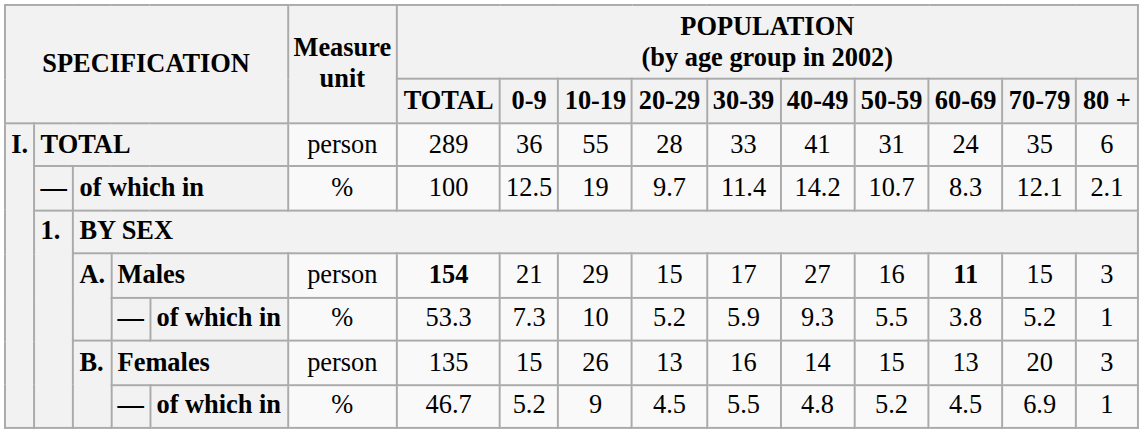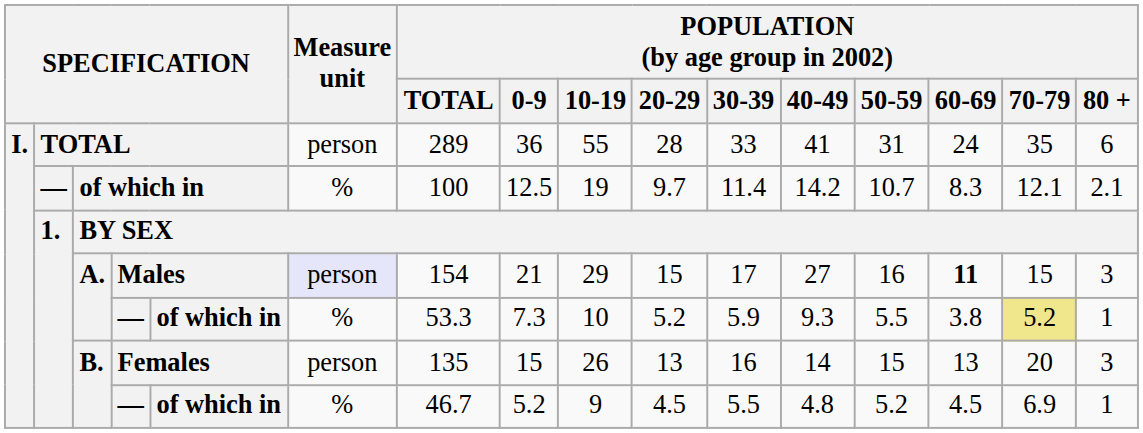 <table class="wikitable" style="font-size:85%; text-align:center">
 <tr>
 <th rowspan="2" colspan="5">SPECIFICATION</th>
 <th rowspan="2">Measure<br> unit</th>
 <th colspan="10" rowspan="1">POPULATION<br> (by age group in 2002)</th>
 </tr>
 <tr>
 <th>TOTAL</th>
 <th>0-9</th>
 <th>10-19</th>
 <th>20-29</th>
 <th>30-39</th>
 <th>40-49</th>
 <th>50-59</th>
 <th>60-69</th>
 <th>70-79</th>
 <th>80 +</th>
 </tr>
 <tr>
 <th style="text-align:left" valign="top" rowspan="7">I.</th>
 <th style="text-align:left" colspan="4">TOTAL</th>
 <td>person</td>
 <td>289</td>
 <td>36</td>
 <td>55</td>
 <td>28</td>
 <td>33</td>
 <td>41</td>
 <td>31</td>
 <td>24</td>
 <td>35</td>
 <td>6</td>
 </tr>
 <tr>
 <th style="text-align:left" valign="top">—</th>
 <th style="text-align:left" colspan="3">of which in</th>
 <td>%</td>
 <td>100</td>
 <td>12.5</td>
 <td>19</td>
 <td>9.7</td>
 <td>11.4</td>
 <td>14.2</td>
 <td>10.7</td>
 <td>8.3</td>
 <td>12.1</td>
 <td>2.1</td>
 </tr>
 <tr>
 <th style="text-align:left" valign="top" rowspan="5">1.</th>
 <th style="text-align:left" colspan="14">BY SEX</th>
 </tr>
 <tr>
 <th style="text-align:left" valign="top" rowspan="2">A.</th>
 <th style="text-align:left" colspan="2">Males</th>
-<td>person</td>
-<td><strong>154</strong></td>
+<td style="background: lavender;">person</td>
+<td>154</td>
 <td>21</td>
 <td>29</td>
 <td>15</td>
 <td>17</td>
 <td>27</td>
 <td>16</td>
 <td><strong>11</strong></td>
 <td>15</td>
 <td>3</td>
 </tr>
 <tr>
 <th style="text-align:left" valign="top">—</th>
 <th style="text-align:left" colspan="1">of which in</th>
 <td>%</td>
 <td>53.3</td>
 <td>7.3</td>
 <td>10</td>
 <td>5.2</td>
 <td>5.9</td>
 <td>9.3</td>
 <td>5.5</td>
 <td>3.8</td>
-<td>5.2</td>
+<td style="background: khaki;">5.2</td>
 <td>1</td>
 </tr>
 <tr>
 <th style="text-align:left" valign="top" rowspan="2">B.</th>
 <th style="text-align:left" colspan="2">Females</th>
 <td>person</td>
 <td>135</td>
 <td>15</td>
 <td>26</td>
 <td>13</td>
 <td>16</td>
 <td>14</td>
 <td>15</td>
 <td>13</td>
 <td>20</td>
 <td>3</td>
 </tr>
 <tr>
 <th style="text-align:left" valign="top">—</th>
 <th style="text-align:left" colspan="1">of which in</th>
 <td>%</td>
 <td>46.7</td>
 <td>5.2</td>
 <td>9</td>
 <td>4.5</td>
 <td>5.5</td>
 <td>4.8</td>
 <td>5.2</td>
 <td>4.5</td>
 <td>6.9</td>
 <td>1</td>
 </tr>
 </table>
